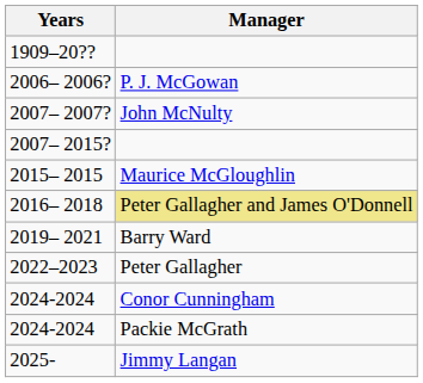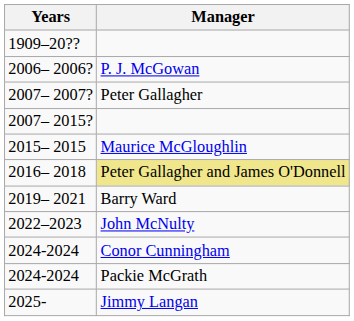 <table class="wikitable">
 <tr>
 <th>Years</th>
 <th>Manager</th>
 </tr>
 <tr>
 <td>1909–20??</td>
 <td></td>
 </tr>
 <tr>
 <td> 2006– 2006?</td>
 <td><a href='#'>P. J. McGowan</a></td>
 </tr>
 <tr>
 <td> 2007– 2007?</td>
-<td><a href='#'>John McNulty</a></td>
+<td>Peter Gallagher</td>
 </tr>
 <tr>
 <td> 2007– 2015?</td>
 <td></td>
 </tr>
 <tr>
 <td> 2015– 2015</td>
 <td><a href='#'>Maurice McGloughlin</a></td>
 </tr>
 <tr>
 <td>2016– 2018</td>
 <td style="background: khaki;">Peter Gallagher and James O'Donnell</td>
 </tr>
 <tr>
 <td> 2019– 2021</td>
 <td>Barry Ward</td>
 </tr>
 <tr>
 <td>2022–2023</td>
-<td>Peter Gallagher</td>
+<td><a href='#'>John McNulty</a></td>
 </tr>
 <tr>
 <td>2024-2024</td>
 <td><a href='#'>Conor Cunningham</a></td>
 </tr>
 <tr>
 <td>2024-2024</td>
 <td>Packie McGrath</td>
 </tr>
 <tr>
 <td>2025-</td>
 <td><a href='#'>Jimmy Langan</a></td>
 </tr>
 </table>
